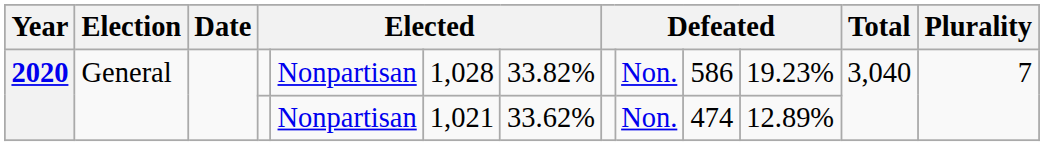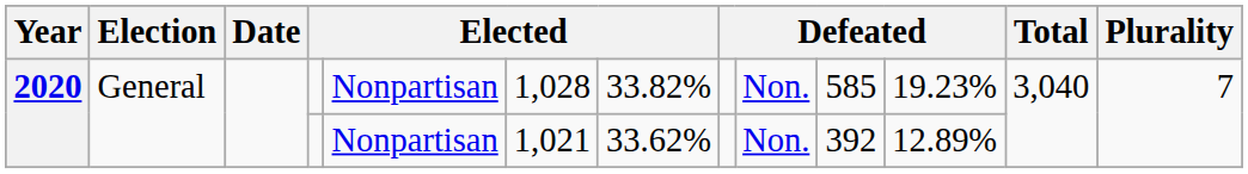 <table class="wikitable">
 <tr>
 <th>Year</th>
 <th>Election</th>
 <th>Date</th>
 <th colspan="4">Elected</th>
 <th colspan="4">Defeated</th>
 <th>Total</th>
 <th>Plurality</th>
 </tr>
 <tr>
 <th rowspan="2" valign="top"><a href='#'>2020</a></th>
 <td rowspan="2" valign="top">General</td>
 <td rowspan="2" valign="top"></td>
 <td valign="top"></td>
 <td valign="top" ><a href='#'>Nonpartisan</a></td>
 <td align="right" valign="top">1,028</td>
 <td align="right" valign="top">33.82%</td>
 <td valign="top"></td>
 <td valign="top" ><a href='#'>Non.</a></td>
-<td align="right" valign="top">586</td>
+<td align="right" valign="top">585</td>
 <td align="right" valign="top">19.23%</td>
 <td rowspan="2" align="right" valign="top">3,040</td>
 <td rowspan="2" align="right" valign="top">7</td>
 </tr>
 <tr>
 <td></td>
 <td valign="top" ><a href='#'>Nonpartisan</a></td>
 <td>1,021</td>
 <td>33.62%</td>
 <td></td>
 <td valign="top" ><a href='#'>Non.</a></td>
-<td align="right" valign="top">474</td>
+<td align="right" valign="top">392</td>
 <td align="right" valign="top">12.89%</td>
 </tr>
 </table>
